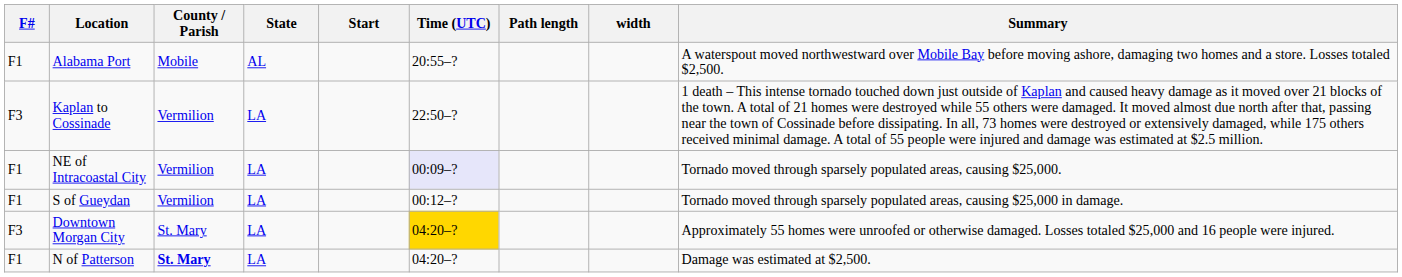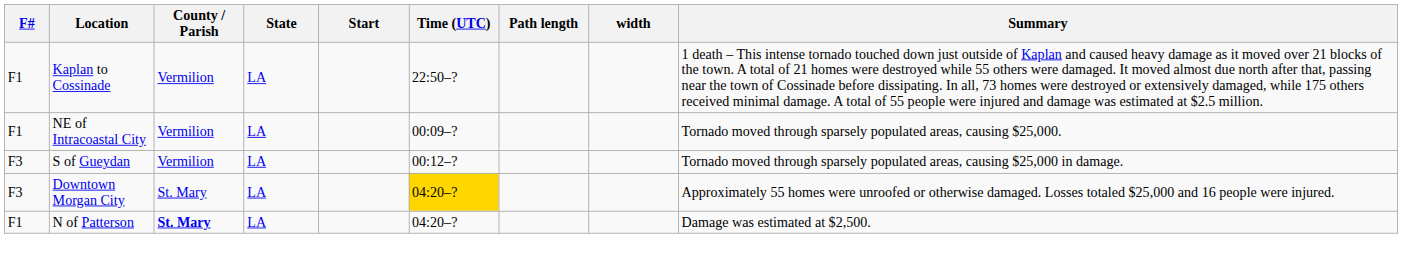 <table class="wikitable sortable" style="width:100%;">
 <tr>
 <th scope="col"  style="width:3%; text-align:center;"><a href='#'>F#</a></th>
 <th scope="col"  style="width:7%; text-align:center;" class="unsortable">Location</th>
 <th scope="col"  style="width:6%; text-align:center;" class="unsortable">County / Parish</th>
 <th scope="col"  style="width:5%; text-align:center;">State</th>
 <th scope="col"  style="width:6%; text-align:center;">Start<br></th>
 <th scope="col"  style="width:6%; text-align:center;">Time (<a href='#'>UTC</a>)</th>
 <th scope="col"  style="width:6%; text-align:center;">Path length</th>
 <th scope="col"  style="width:6%; text-align:center;"> width</th>
 <th scope="col" class="unsortable" style="width:48%; text-align:center;">Summary</th>
 </tr>
 <tr>
 <td>F1</td>
-<td><a href='#'>Alabama Port</a></td>
-<td><a href='#'>Mobile</a></td>
-<td><a href='#'>AL</a></td>
-<td></td>
-<td>20:55–?</td>
-<td></td>
-<td></td>
-<td>A waterspout moved northwestward over <a href='#'>Mobile Bay</a> before moving ashore, damaging two homes and a store. Losses totaled $2,500.</td>
-</tr>
-<tr>
-<td>F3</td>
 <td><a href='#'>Kaplan</a> to <a href='#'>Cossinade</a></td>
 <td><a href='#'>Vermilion</a></td>
 <td><a href='#'>LA</a></td>
 <td></td>
 <td>22:50–?</td>
 <td></td>
 <td></td>
 <td>1 death – This intense tornado touched down just outside of <a href='#'>Kaplan</a> and caused heavy damage as it moved over 21 blocks of the town. A total of 21 homes were destroyed while 55 others were damaged. It moved almost due north after that, passing near the town of Cossinade before dissipating. In all, 73 homes were destroyed or extensively damaged, while 175 others received minimal damage. A total of 55 people were injured and damage was estimated at $2.5 million.</td>
 </tr>
 <tr>
 <td>F1</td>
 <td>NE of <a href='#'>Intracoastal City</a></td>
 <td><a href='#'>Vermilion</a></td>
 <td><a href='#'>LA</a></td>
 <td></td>
-<td style="background: lavender;">00:09–?</td>
+<td>00:09–?</td>
 <td></td>
 <td></td>
 <td>Tornado moved through sparsely populated areas, causing $25,000.</td>
 </tr>
 <tr>
-<td>F1</td>
+<td>F3</td>
 <td>S of <a href='#'>Gueydan</a></td>
 <td><a href='#'>Vermilion</a></td>
 <td><a href='#'>LA</a></td>
 <td> </td>
 <td>00:12–?</td>
 <td></td>
 <td></td>
 <td>Tornado moved through sparsely populated areas, causing $25,000 in damage.</td>
 </tr>
 <tr>
 <td>F3</td>
 <td><a href='#'>Downtown Morgan City</a></td>
 <td><a href='#'>St. Mary</a></td>
 <td><a href='#'>LA</a></td>
 <td></td>
 <td style="background: gold;">04:20–?</td>
 <td></td>
 <td></td>
 <td>Approximately 55 homes were unroofed or otherwise damaged. Losses totaled $25,000 and 16 people were injured.</td>
 </tr>
 <tr>
 <td>F1</td>
 <td>N of <a href='#'>Patterson</a></td>
 <td><strong><a href='#'>St. Mary</a></strong></td>
 <td><a href='#'>LA</a></td>
 <td></td>
 <td>04:20–?</td>
 <td></td>
 <td></td>
 <td>Damage was estimated at $2,500.</td>
 </tr>
 </table>
